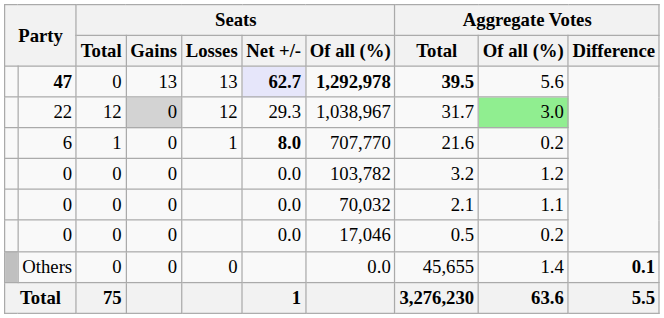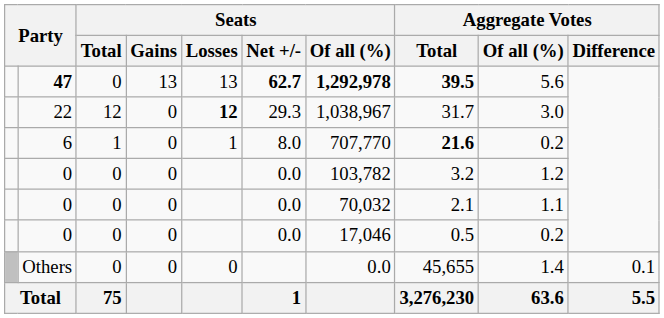 <table class="wikitable sortable" style="text-align:right; font-size:95%;">
 <tr>
 <th colspan="2" rowspan="2">Party</th>
 <th colspan="5">Seats</th>
 <th colspan="3">Aggregate Votes</th>
 </tr>
 <tr>
 <th>Total</th>
 <th>Gains</th>
 <th>Losses</th>
 <th>Net +/-</th>
 <th>Of all (%)</th>
 <th>Total</th>
 <th>Of all (%)</th>
 <th>Difference</th>
 </tr>
 <tr>
 <td></td>
 <td><strong>47</strong></td>
 <td>0</td>
 <td>13</td>
 <td>13</td>
-<td style="background: lavender;"><strong>62.7</strong></td>
+<td><strong>62.7</strong></td>
 <td><strong>1,292,978</strong></td>
 <td><strong>39.5</strong></td>
 <td>5.6</td>
 </tr>
 <tr>
 <td></td>
 <td>22</td>
 <td>12</td>
-<td style="background: lightgrey;">0</td>
-<td>12</td>
+<td>0</td>
+<td><strong>12</strong></td>
 <td>29.3</td>
 <td>1,038,967</td>
 <td>31.7</td>
-<td style="background: lightgreen;">3.0</td>
+<td>3.0</td>
 </tr>
 <tr>
 <td></td>
 <td>6</td>
 <td>1</td>
 <td>0</td>
 <td>1</td>
-<td><strong>8.0</strong></td>
+<td>8.0</td>
 <td>707,770</td>
-<td>21.6</td>
+<td><strong>21.6</strong></td>
 <td>0.2</td>
 </tr>
 <tr>
 <td></td>
 <td>0</td>
 <td>0</td>
 <td>0</td>
 <td></td>
 <td>0.0</td>
 <td>103,782</td>
 <td>3.2</td>
 <td>1.2</td>
 </tr>
 <tr>
 <td></td>
 <td>0</td>
 <td>0</td>
 <td>0</td>
 <td></td>
 <td>0.0</td>
 <td>70,032</td>
 <td>2.1</td>
 <td>1.1</td>
 </tr>
 <tr>
 <td></td>
 <td>0</td>
 <td>0</td>
 <td>0</td>
 <td></td>
 <td>0.0</td>
 <td>17,046</td>
 <td>0.5</td>
 <td>0.2</td>
 </tr>
 <tr>
 <td style="background:silver;"> </td>
 <td align=left>Others</td>
 <td>0</td>
 <td>0</td>
 <td>0</td>
 <td></td>
 <td>0.0</td>
 <td>45,655</td>
 <td>1.4</td>
-<td><strong>0.1</strong></td>
+<td>0.1</td>
 </tr>
 <tr class="sortbottom">
 <th colspan="2" style="background:#f2f2f2"><strong>Total</strong></th>
 <td style="background:#f2f2f2;"><strong>75</strong></td>
 <td style="background:#f2f2f2;"></td>
 <td style="background:#f2f2f2;"></td>
 <td style="background:#f2f2f2;"><strong>1</strong></td>
 <td style="background:#f2f2f2;"></td>
 <td style="background:#f2f2f2;"><strong>3,276,230</strong></td>
 <td style="background:#f2f2f2;"><strong>63.6</strong></td>
 <td style="background:#f2f2f2;"><strong>5.5</strong></td>
 </tr>
 </table>
